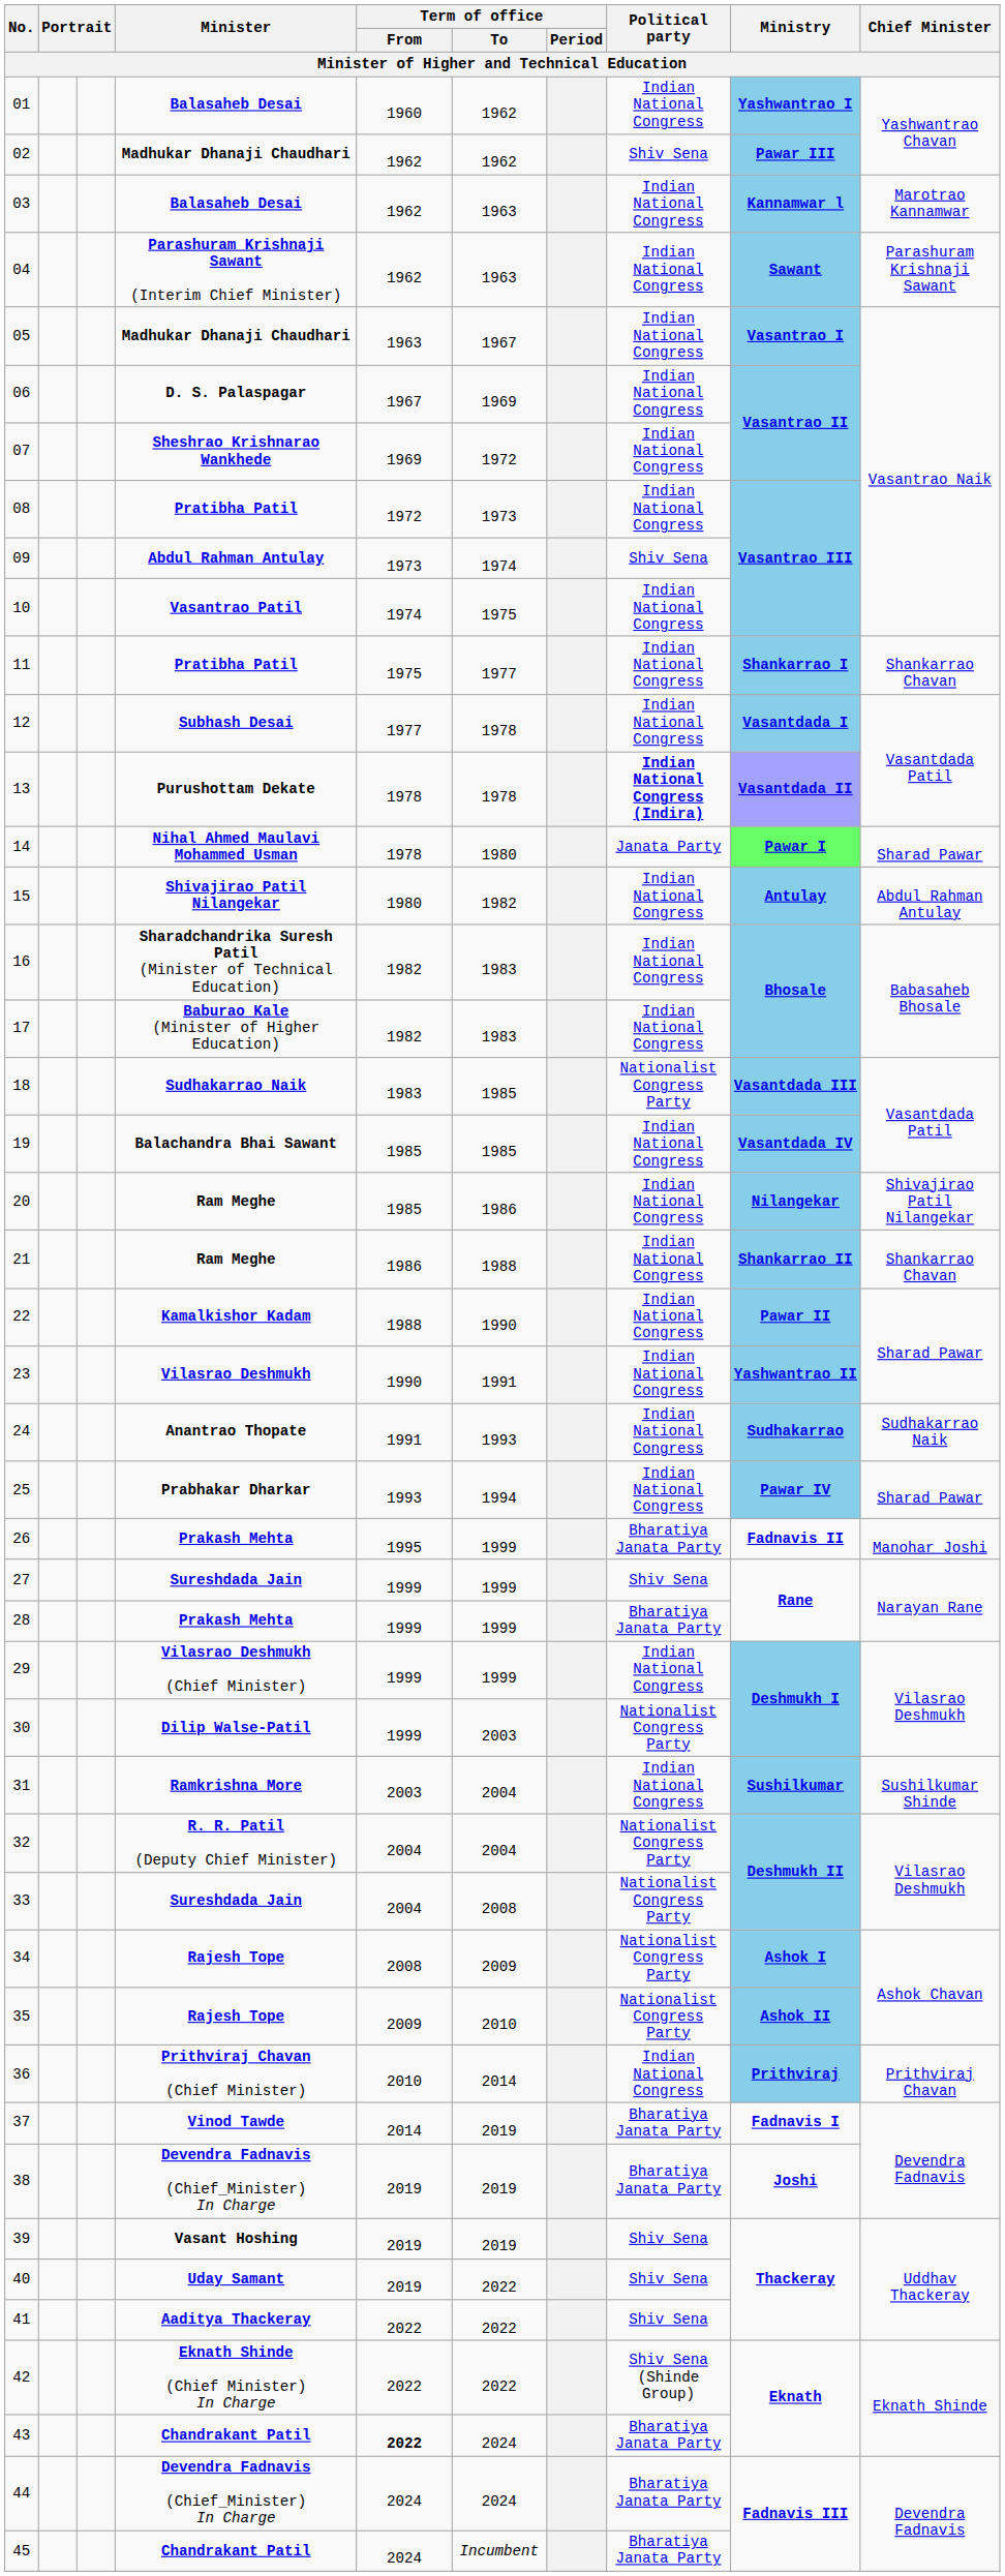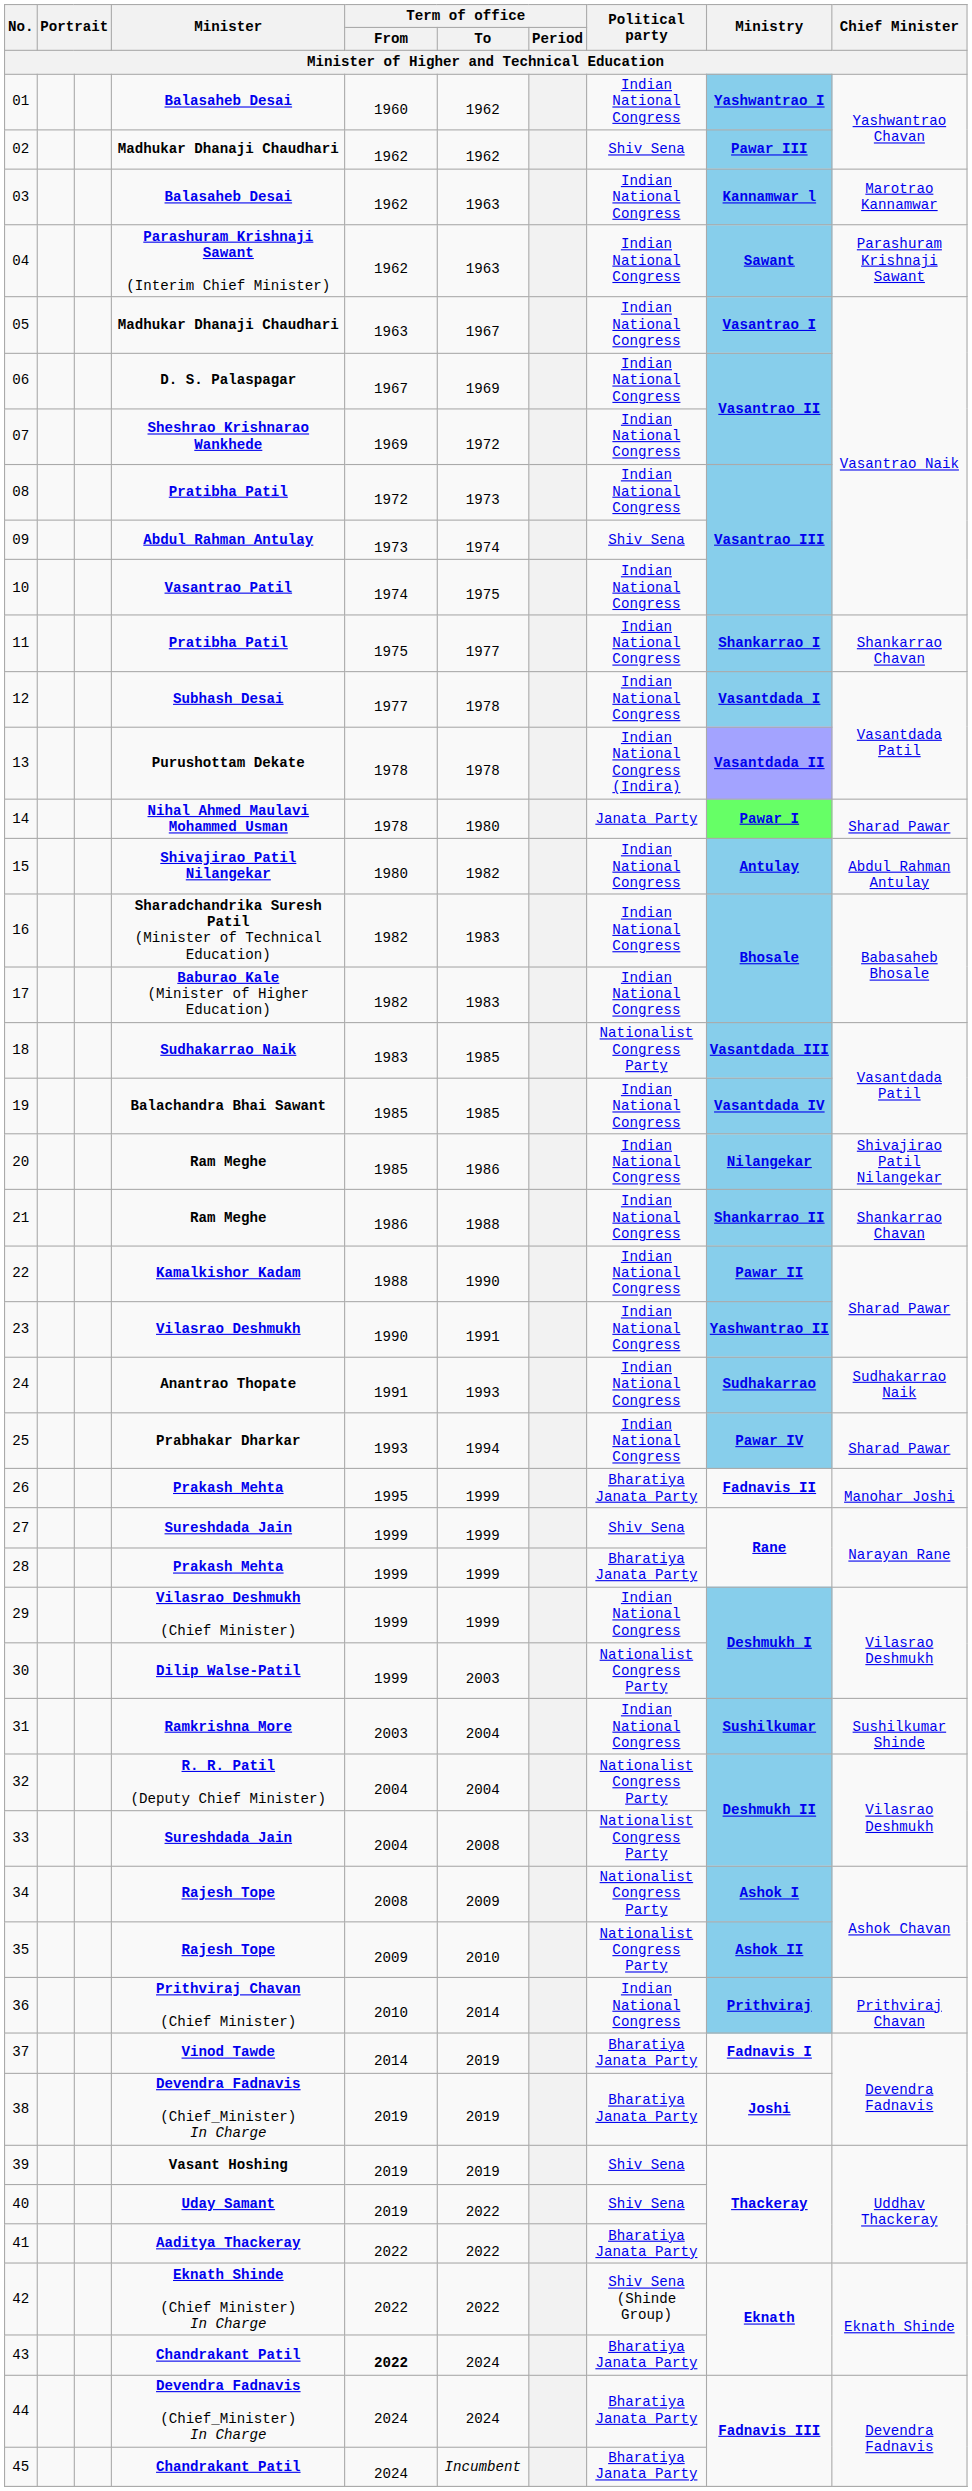 <table class="wikitable" style="text-align:center">
 <tr>
 <th rowspan="2">No.</th>
 <th rowspan="2" colspan="2">Portrait</th>
 <th rowspan="2" style="width:16em">Minister<br></th>
 <th colspan="3">Term of office</th>
 <th rowspan="2" style="width:8em">Political party</th>
 <th rowspan="2">Ministry</th>
 <th rowspan="2" style="width:9em">Chief Minister</th>
 </tr>
 <tr>
 <th style="width:6em">From</th>
 <th style="width:6em">To</th>
 <th>Period</th>
 </tr>
 <tr>
 <th colspan="10">Minister of Higher and Technical Education</th>
 </tr>
 <tr>
 <td>01</td>
 <td style="color:inherit;background:"></td>
 <td></td>
 <td><strong><a href='#'>Balasaheb Desai</a></strong>  <br> </td>
 <td><br>1960</td>
 <td><br>1962</td>
 <th></th>
 <td><a href='#'>Indian National Congress</a></td>
 <td bgcolor="#87CEEB"><a href='#'><strong>Yashwantrao I</strong></a></td>
 <td rowspan="2"> <br><a href='#'>Yashwantrao Chavan</a></td>
 </tr>
 <tr>
 <td>02</td>
 <td style="color:inherit;background:"></td>
 <td></td>
 <td><strong>Madhukar Dhanaji Chaudhari</strong>  <br> </td>
 <td><br>1962</td>
 <td><br>1962</td>
 <th></th>
 <td><a href='#'>Shiv Sena</a></td>
 <td rowspan="1" bgcolor="#87CEEB"><a href='#'><strong>Pawar III</strong></a></td>
 </tr>
 <tr>
 <td>03</td>
 <td style="color:inherit;background:"></td>
 <td></td>
 <td><strong><a href='#'>Balasaheb Desai</a></strong>  <br> </td>
 <td><br>1962</td>
 <td><br>1963</td>
 <th></th>
 <td><a href='#'>Indian National Congress</a></td>
 <td bgcolor="#87CEEB"><a href='#'><strong>Kannamwar l</strong></a></td>
 <td><a href='#'>Marotrao Kannamwar</a></td>
 </tr>
 <tr>
 <td>04</td>
 <td style="color:inherit;background:"></td>
 <td></td>
 <td><strong><a href='#'>Parashuram Krishnaji Sawant</a></strong> <br>  <br>(Interim Chief Minister)</td>
 <td><br>1962</td>
 <td><br>1963</td>
 <th></th>
 <td><a href='#'>Indian National Congress</a></td>
 <td bgcolor="#87CEEB"><a href='#'><strong>Sawant</strong></a></td>
 <td><a href='#'>Parashuram Krishnaji Sawant</a></td>
 </tr>
 <tr>
 <td>05</td>
 <td style="color:inherit;background:"></td>
 <td></td>
 <td><strong>Madhukar Dhanaji Chaudhari</strong> <br> </td>
 <td><br>1963</td>
 <td><br>1967</td>
 <th></th>
 <td><a href='#'>Indian National Congress</a></td>
 <td bgcolor="#87CEEB"><a href='#'><strong>Vasantrao I</strong></a></td>
 <td rowspan="6"><br><a href='#'>Vasantrao Naik</a></td>
 </tr>
 <tr>
 <td>06</td>
 <td style="color:inherit;background:"></td>
 <td></td>
 <td><strong>D. S. Palaspagar</strong> <br> </td>
 <td><br>1967</td>
 <td><br>1969</td>
 <th></th>
 <td><a href='#'>Indian National Congress</a></td>
 <td rowspan="2" bgcolor="#87CEEB"><a href='#'><strong>Vasantrao II</strong></a></td>
 </tr>
 <tr>
 <td>07</td>
 <td style="color:inherit;background:"></td>
 <td></td>
 <td><strong><a href='#'>Sheshrao Krishnarao Wankhede</a></strong> <br> </td>
 <td><br>1969</td>
 <td><br>1972</td>
 <th></th>
 <td><a href='#'>Indian National Congress</a></td>
 </tr>
 <tr>
 <td>08</td>
 <td style="color:inherit;background:"></td>
 <td></td>
 <td><strong><a href='#'>Pratibha Patil</a></strong> <br> </td>
 <td><br>1972</td>
 <td><br>1973</td>
 <th></th>
 <td><a href='#'>Indian National Congress</a></td>
 <td rowspan="3" bgcolor="#87CEEB"><a href='#'><strong>Vasantrao III</strong></a></td>
 </tr>
 <tr>
 <td>09</td>
 <td style="color:inherit;background:"></td>
 <td></td>
 <td><strong><a href='#'>Abdul Rahman Antulay</a></strong> <br> </td>
 <td><br>1973</td>
 <td><br>1974</td>
 <th></th>
 <td><a href='#'>Shiv Sena</a></td>
 </tr>
 <tr>
 <td>10</td>
 <td style="color:inherit;background:"></td>
 <td></td>
 <td><strong><a href='#'>Vasantrao Patil</a></strong> <br> </td>
 <td><br>1974</td>
 <td><br>1975</td>
 <th></th>
 <td><a href='#'>Indian National Congress</a></td>
 </tr>
 <tr>
 <td>11</td>
 <td style="color:inherit;background:"></td>
 <td></td>
 <td><strong><a href='#'>Pratibha Patil</a></strong> <br> </td>
 <td><br>1975</td>
 <td><br>1977</td>
 <th></th>
 <td><a href='#'>Indian National Congress</a></td>
 <td rowspan="1" bgcolor="#87CEEB"><a href='#'><strong>Shankarrao I</strong></a></td>
 <td rowspan="1"><br><a href='#'>Shankarrao Chavan</a></td>
 </tr>
 <tr>
 <td>12</td>
 <td style="color:inherit;background:"></td>
 <td></td>
 <td><strong><a href='#'>Subhash Desai</a></strong> <br> </td>
 <td><br>1977</td>
 <td><br>1978</td>
 <th></th>
 <td><a href='#'>Indian National Congress</a></td>
 <td rowspan="1" bgcolor="#88CEEB"><a href='#'><strong>Vasantdada I</strong></a></td>
 <td rowspan="2"><br><a href='#'>Vasantdada Patil</a></td>
 </tr>
 <tr>
 <td>13</td>
 <td style="color:inherit;background:"></td>
 <td></td>
 <td><strong>Purushottam Dekate</strong> <br> </td>
 <td><br>1978</td>
 <td><br>1978</td>
 <th></th>
-<td><strong><a href='#'>Indian National Congress (Indira)</a></strong></td>
+<td><a href='#'>Indian National Congress (Indira)</a></td>
 <td rowspan="1" bgcolor="#A3A3FF"><a href='#'><strong>Vasantdada II</strong></a></td>
 </tr>
 <tr>
 <td>14</td>
 <td style="color:inherit;background:"></td>
 <td></td>
 <td><strong><a href='#'>Nihal Ahmed Maulavi Mohammed Usman</a></strong> <br> </td>
 <td><br>1978</td>
 <td><br>1980</td>
 <th></th>
 <td><a href='#'>Janata Party</a></td>
 <td rowspan="1" bgcolor="#66FF66"><a href='#'><strong>Pawar I</strong></a></td>
 <td rowspan="1"><br><a href='#'>Sharad Pawar</a></td>
 </tr>
 <tr>
 <td>15</td>
 <td style="color:inherit;background:"></td>
 <td></td>
 <td><strong><a href='#'>Shivajirao Patil Nilangekar</a></strong>  <br> </td>
 <td><br>1980</td>
 <td><br>1982</td>
 <th></th>
 <td><a href='#'>Indian National Congress</a></td>
 <td rowspan="1" bgcolor="#87CEEB"><a href='#'><strong>Antulay</strong></a></td>
 <td rowspan="1"> <br><a href='#'>Abdul Rahman Antulay</a></td>
 </tr>
 <tr>
 <td>16</td>
 <td style="color:inherit;background:"></td>
 <td></td>
 <td><strong>Sharadchandrika Suresh Patil</strong>  <br> (Minister of Technical Education)<br> </td>
 <td><br>1982</td>
 <td><br>1983</td>
 <th></th>
 <td><a href='#'>Indian National Congress</a></td>
 <td rowspan="2" bgcolor="#87CEEB"><a href='#'><strong>Bhosale</strong></a></td>
 <td rowspan="2"> <br><a href='#'>Babasaheb Bhosale</a></td>
 </tr>
 <tr>
 <td>17</td>
 <td style="color:inherit;background:"></td>
 <td></td>
 <td><strong><a href='#'>Baburao Kale</a></strong>  <br> (Minister of Higher Education)<br> </td>
 <td><br>1982</td>
 <td><br>1983</td>
 <th></th>
 <td><a href='#'>Indian National Congress</a></td>
 </tr>
 <tr>
 <td>18</td>
 <td style="color:inherit;background:"></td>
 <td></td>
 <td><strong><a href='#'>Sudhakarrao Naik</a></strong> <br> </td>
 <td><br>1983</td>
 <td><br>1985</td>
 <th></th>
 <td><a href='#'>Nationalist Congress Party</a></td>
 <td rowspan="1" bgcolor="#87CEEB"><a href='#'><strong>Vasantdada III</strong></a></td>
 <td rowspan="2"><br><a href='#'>Vasantdada Patil</a></td>
 </tr>
 <tr>
 <td>19</td>
 <td style="color:inherit;background:"></td>
 <td></td>
 <td><strong>Balachandra Bhai Sawant</strong>  <br> </td>
 <td><br>1985</td>
 <td><br>1985</td>
 <th></th>
 <td><a href='#'>Indian National Congress</a></td>
 <td bgcolor="#87CEEB"><a href='#'><strong>Vasantdada IV</strong></a></td>
 </tr>
 <tr>
 <td>20</td>
 <td style="color:inherit;background:"></td>
 <td></td>
 <td><strong>Ram Meghe</strong> <br> </td>
 <td><br>1985</td>
 <td><br>1986</td>
 <th></th>
 <td><a href='#'>Indian National Congress</a></td>
 <td rowspan="1" bgcolor="#87CEEB"><a href='#'><strong>Nilangekar</strong></a></td>
 <td rowspan="1"><a href='#'>Shivajirao Patil Nilangekar</a></td>
 </tr>
 <tr>
 <td>21</td>
 <td style="color:inherit;background:"></td>
 <td></td>
 <td><strong>Ram Meghe</strong>  <br> </td>
 <td><br>1986</td>
 <td><br>1988</td>
 <th></th>
 <td><a href='#'>Indian National Congress</a></td>
 <td rowspan="1"bgcolor="#87CEEB"><a href='#'><strong>Shankarrao II</strong></a></td>
 <td rowspan="1"> <br><a href='#'>Shankarrao Chavan</a></td>
 </tr>
 <tr>
 <td>22</td>
 <td style="color:inherit;background:"></td>
 <td></td>
 <td><strong><a href='#'>Kamalkishor Kadam</a></strong> <br> </td>
 <td><br>1988</td>
 <td><br>1990</td>
 <th></th>
 <td><a href='#'>Indian National Congress</a></td>
 <td rowspan="1" bgcolor="#87CEEB"><a href='#'><strong>Pawar II</strong></a></td>
 <td rowspan="2"> <br><a href='#'>Sharad Pawar</a></td>
 </tr>
 <tr>
 <td>23</td>
 <td style="color:inherit;background:"></td>
 <td></td>
 <td><strong><a href='#'>Vilasrao Deshmukh</a></strong> <br> </td>
 <td><br>1990</td>
 <td><br>1991</td>
 <th></th>
 <td><a href='#'>Indian National Congress</a></td>
 <td bgcolor="#87CEEB"><a href='#'><strong>Yashwantrao II</strong></a></td>
 </tr>
 <tr>
 <td>24</td>
 <td style="color:inherit;background:"></td>
 <td></td>
 <td><strong>Anantrao Thopate</strong> <br> </td>
 <td><br>1991</td>
 <td><br>1993</td>
 <th></th>
 <td><a href='#'>Indian National Congress</a></td>
 <td rowspan="1" bgcolor="#87CEEB"><a href='#'><strong>Sudhakarrao</strong></a></td>
 <td rowspan="1"><a href='#'>Sudhakarrao Naik</a></td>
 </tr>
 <tr>
 <td>25</td>
 <td style="color:inherit;background:"></td>
 <td></td>
 <td><strong>Prabhakar Dharkar</strong> <br> </td>
 <td><br>1993</td>
 <td><br>1994</td>
 <th></th>
 <td><a href='#'>Indian National Congress</a></td>
 <td rowspan="1" bgcolor="#87CEEB"><a href='#'><strong>Pawar IV</strong></a></td>
 <td rowspan="1"> <br><a href='#'>Sharad Pawar</a></td>
 </tr>
 <tr>
 <td>26</td>
 <td style="color:inherit;background:"></td>
 <td></td>
 <td><strong><a href='#'>Prakash Mehta</a></strong> <br> </td>
 <td><br>1995</td>
 <td><br>1999</td>
 <th></th>
 <td><a href='#'>Bharatiya Janata Party</a></td>
 <td rowspan="1"><a href='#'><strong>Fadnavis II</strong></a></td>
 <td rowspan="1"> <br><a href='#'>Manohar Joshi</a></td>
 </tr>
 <tr>
 <td>27</td>
 <td style="color:inherit;background:"></td>
 <td></td>
 <td><strong><a href='#'>Sureshdada Jain</a></strong> <br> </td>
 <td><br>1999</td>
 <td><br>1999</td>
 <th></th>
 <td><a href='#'>Shiv Sena</a></td>
 <td rowspan="2"><a href='#'><strong>Rane</strong></a></td>
 <td rowspan="2"> <br><a href='#'>Narayan Rane</a></td>
 </tr>
 <tr>
 <td>28</td>
 <td style="color:inherit;background:"></td>
 <td></td>
 <td><strong><a href='#'>Prakash Mehta</a></strong> <br> </td>
 <td><br>1999</td>
 <td><br>1999</td>
 <th></th>
 <td><a href='#'>Bharatiya Janata Party</a></td>
 </tr>
 <tr>
 <td>29</td>
 <td style="color:inherit;background:"></td>
 <td></td>
 <td><strong><a href='#'>Vilasrao Deshmukh</a></strong> <br> <br>(Chief Minister)</td>
 <td><br>1999</td>
 <td><br>1999</td>
 <th></th>
 <td><a href='#'>Indian National Congress</a></td>
 <td rowspan="2" bgcolor="#87CEEB"><a href='#'><strong>Deshmukh I</strong></a></td>
 <td rowspan="2"> <br><a href='#'>Vilasrao Deshmukh</a></td>
 </tr>
 <tr>
 <td>30</td>
 <td style="color:inherit;background:"></td>
 <td></td>
 <td><strong><a href='#'>Dilip Walse-Patil</a></strong> <br> </td>
 <td><br>1999</td>
 <td><br>2003</td>
 <th></th>
 <td><a href='#'>Nationalist Congress Party</a></td>
 </tr>
 <tr>
 <td>31</td>
 <td style="color:inherit;background:"></td>
 <td></td>
 <td><strong><a href='#'>Ramkrishna More</a></strong> <br> </td>
 <td><br>2003</td>
 <td><br>2004</td>
 <th></th>
 <td><a href='#'>Indian National Congress</a></td>
 <td rowspan="1" bgcolor="#87CEEB"><a href='#'><strong>Sushilkumar</strong></a></td>
 <td rowspan="1"> <br><a href='#'>Sushilkumar Shinde</a></td>
 </tr>
 <tr>
 <td>32</td>
 <td style="color:inherit;background:"></td>
 <td></td>
 <td><strong><a href='#'>R. R. Patil</a></strong> <br> <br> (Deputy Chief Minister)</td>
 <td><br>2004</td>
 <td><br>2004</td>
 <th></th>
 <td><a href='#'>Nationalist Congress Party</a></td>
 <td rowspan="2" bgcolor="#87CEEB"><a href='#'><strong>Deshmukh II</strong></a></td>
 <td rowspan="2"> <br><a href='#'>Vilasrao Deshmukh</a></td>
 </tr>
 <tr>
 <td>33</td>
 <td style="color:inherit;background:"></td>
 <td></td>
 <td><strong><a href='#'>Sureshdada Jain</a></strong> <br> </td>
 <td><br>2004</td>
 <td><br>2008</td>
 <th></th>
 <td><a href='#'>Nationalist Congress Party</a></td>
 </tr>
 <tr>
 <td>34</td>
 <td style="color:inherit;background:"></td>
 <td></td>
 <td><strong><a href='#'>Rajesh Tope</a></strong> <br> </td>
 <td><br>2008</td>
 <td><br>2009</td>
 <th></th>
 <td><a href='#'>Nationalist Congress Party</a></td>
 <td rowspan="1" bgcolor="#87CEEB"><a href='#'><strong>Ashok I</strong></a></td>
 <td rowspan="2"><br><a href='#'>Ashok Chavan</a></td>
 </tr>
 <tr>
 <td>35</td>
 <td style="color:inherit;background:"></td>
 <td></td>
 <td><strong><a href='#'>Rajesh Tope</a></strong> <br> </td>
 <td><br>2009</td>
 <td><br>2010</td>
 <th></th>
 <td><a href='#'>Nationalist Congress Party</a></td>
 <td rowspan="1"bgcolor="#87CEEB"><a href='#'><strong>Ashok II</strong></a></td>
 </tr>
 <tr>
 <td>36</td>
 <td style="color:inherit;background:"></td>
 <td></td>
 <td><strong><a href='#'>Prithviraj Chavan</a></strong> <br> <br>(Chief Minister)</td>
 <td><br>2010</td>
 <td><br>2014</td>
 <th></th>
 <td><a href='#'>Indian National Congress</a></td>
 <td rowspan="1" bgcolor="#87CEEB"><a href='#'><strong>Prithviraj</strong></a></td>
 <td rowspan="1"><br><a href='#'>Prithviraj Chavan</a></td>
 </tr>
 <tr>
 <td>37</td>
 <td style="color:inherit;background:"></td>
 <td></td>
 <td><strong><a href='#'>Vinod Tawde</a></strong> <br> </td>
 <td><br>2014</td>
 <td><br>2019</td>
 <th></th>
 <td rowspan="1"><a href='#'>Bharatiya Janata Party</a></td>
 <td rowspan="1"><a href='#'><strong>Fadnavis I</strong></a></td>
 <td rowspan="2"> <br><a href='#'>Devendra Fadnavis</a></td>
 </tr>
 <tr>
 <td>38</td>
 <td style="color:inherit;background:"></td>
 <td></td>
 <td><strong><a href='#'>Devendra Fadnavis</a></strong>  <br> <br>(Chief_Minister) <br><em>In Charge</em></td>
 <td><br>2019</td>
 <td><br>2019</td>
 <th></th>
 <td><a href='#'>Bharatiya Janata Party</a></td>
 <td rowspan="1"><a href='#'><strong>Joshi</strong></a></td>
 </tr>
 <tr>
 <td>39</td>
 <td style="color:inherit;background:"></td>
 <td></td>
 <td><strong>Vasant Hoshing</strong> <br> </td>
 <td><br>2019</td>
 <td><br>2019</td>
 <th></th>
 <td><a href='#'>Shiv Sena</a></td>
 <td rowspan="3"><a href='#'><strong>Thackeray</strong></a></td>
 <td rowspan="3"> <br><a href='#'>Uddhav Thackeray</a></td>
 </tr>
 <tr>
 <td>40</td>
 <td style="color:inherit;background:"></td>
 <td></td>
 <td><strong><a href='#'>Uday Samant</a></strong>  <br> </td>
 <td><br>2019</td>
 <td><br>2022</td>
 <th></th>
 <td><a href='#'>Shiv Sena</a></td>
 </tr>
 <tr>
 <td>41</td>
 <td style="color:inherit;background:"></td>
 <td></td>
 <td><strong><a href='#'>Aaditya Thackeray</a></strong>  <br> </td>
 <td><br>2022</td>
 <td><br>2022</td>
 <th></th>
-<td><a href='#'>Shiv Sena</a></td>
+<td><a href='#'>Bharatiya Janata Party</a></td>
 </tr>
 <tr>
 <td>42</td>
 <td style="color:inherit;background:"></td>
 <td></td>
 <td><strong><a href='#'>Eknath Shinde</a></strong> <br>  <br>(Chief Minister)<br><em>In Charge</em></td>
 <td><br>2022</td>
 <td><br>2022</td>
 <th></th>
 <td><a href='#'>Shiv Sena</a> (Shinde Group)</td>
 <td rowspan="2"><a href='#'><strong>Eknath</strong></a></td>
 <td rowspan="2"> <br><a href='#'>Eknath Shinde</a></td>
 </tr>
 <tr>
 <td>43</td>
 <td style="color:inherit;background:"></td>
 <td></td>
 <td><strong><a href='#'>Chandrakant Patil</a></strong> <br> </td>
 <td><strong><br>2022</strong></td>
 <td><br>2024</td>
 <th></th>
 <td><a href='#'>Bharatiya Janata Party</a></td>
 </tr>
 <tr>
 <td>44</td>
 <td style="color:inherit;background:"></td>
 <td></td>
 <td><strong><a href='#'>Devendra Fadnavis</a></strong>  <br> <br>(Chief_Minister) <br><em>In Charge</em></td>
 <td><br>2024</td>
 <td><br>2024</td>
 <th></th>
 <td><a href='#'>Bharatiya Janata Party</a></td>
 <td rowspan="2"><a href='#'><strong>Fadnavis III</strong></a></td>
 <td rowspan="2"> <br><a href='#'>Devendra Fadnavis</a></td>
 </tr>
 <tr>
 <td>45</td>
 <td style="color:inherit;background:"></td>
 <td></td>
 <td><strong><a href='#'>Chandrakant Patil</a></strong> <br> </td>
 <td><br>2024</td>
 <td><em>Incumbent</em></td>
 <th></th>
 <td><a href='#'>Bharatiya Janata Party</a></td>
 </tr>
 <tr>
 </tr>
 </table>
